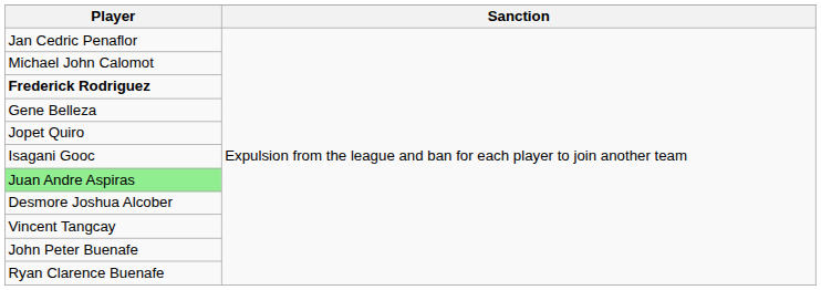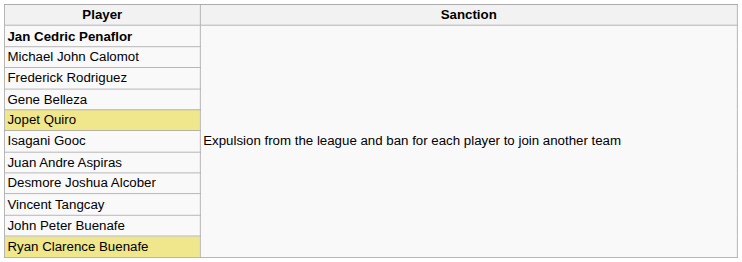 <table class="wikitable sortable" width=100%>
 <tr>
 </tr>
 <tr>
 <th>Player</th>
 <th>Sanction</th>
 </tr>
 <tr>
-<td>Jan Cedric Penaflor</td>
+<td><strong>Jan Cedric Penaflor</strong></td>
 <td rowspan=11>Expulsion from the league and ban for each player to join another team</td>
 </tr>
 <tr>
 <td>Michael John Calomot</td>
 </tr>
 <tr>
-<td><strong>Frederick Rodriguez</strong></td>
+<td>Frederick Rodriguez</td>
 </tr>
 <tr>
 <td>Gene Belleza</td>
 </tr>
 <tr>
-<td>Jopet Quiro</td>
+<td style="background: khaki;">Jopet Quiro</td>
 </tr>
 <tr>
 <td>Isagani Gooc</td>
 </tr>
 <tr>
-<td style="background: lightgreen;">Juan Andre Aspiras</td>
+<td>Juan Andre Aspiras</td>
 </tr>
 <tr>
 <td>Desmore Joshua Alcober</td>
 </tr>
 <tr>
 <td>Vincent Tangcay</td>
 </tr>
 <tr>
 <td>John Peter Buenafe</td>
 </tr>
 <tr>
-<td>Ryan Clarence Buenafe</td>
+<td style="background: khaki;">Ryan Clarence Buenafe</td>
 </tr>
 </table>
